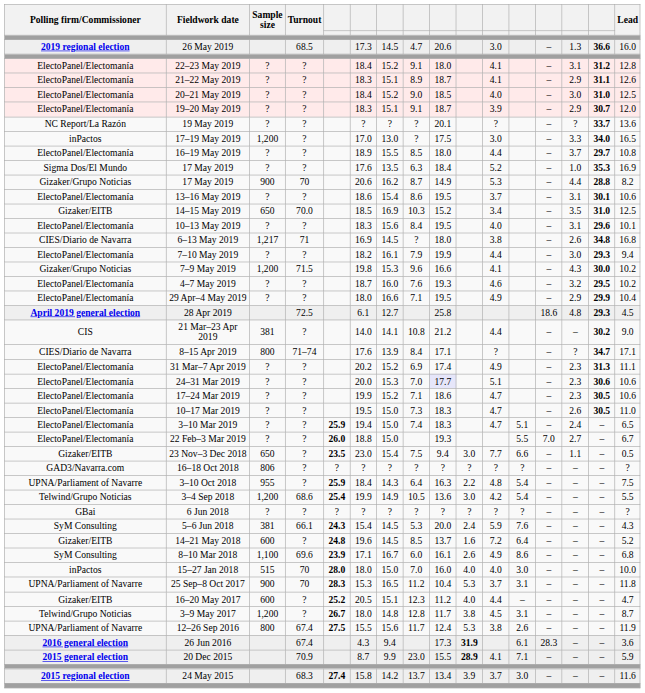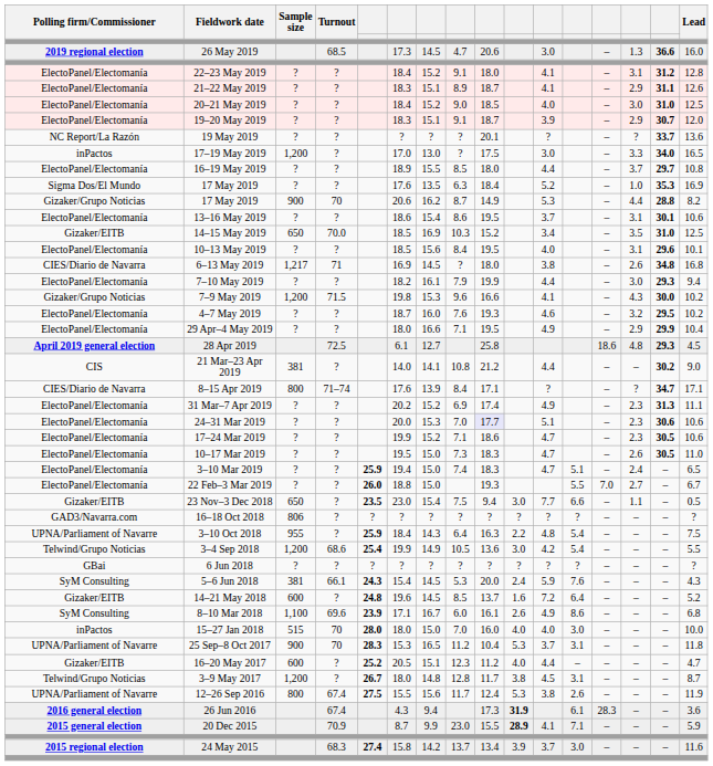 <table class="wikitable collapsible collapsed" style="text-align:center; font-size:95%; line-height:16px;">
 <tr style="height:42px;">
 <th style="width:250px;" rowspan="2">Polling firm/Commissioner</th>
 <th style="width:125px;" rowspan="2">Fieldwork date</th>
 <th style="width:50px;" rowspan="2">Sample size</th>
 <th style="width:45px;" rowspan="2">Turnout</th>
 <th style="width:35px;"></th>
 <th style="width:35px;"></th>
 <th style="width:35px;"></th>
 <th style="width:35px;"></th>
 <th style="width:35px;"></th>
 <th style="width:35px;"></th>
 <th style="width:35px;"></th>
 <th style="width:35px;"></th>
 <th style="width:35px;"></th>
 <th style="width:35px;"></th>
 <th style="width:35px;"></th>
 <th style="width:30px;" rowspan="2">Lead</th>
 </tr>
 <tr>
 <th style="color:inherit;background:"></th>
 <th style="color:inherit;background:"></th>
 <th style="color:inherit;background:"></th>
 <th style="color:inherit;background:"></th>
 <th style="color:inherit;background:"></th>
 <th style="color:inherit;background:"></th>
 <th style="color:inherit;background:"></th>
 <th style="color:inherit;background:"></th>
 <th style="color:inherit;background:"></th>
 <th style="color:inherit;background:"></th>
 <th style="color:inherit;background:"></th>
 </tr>
 <tr>
 <td colspan="16" style="background:#A0A0A0"></td>
 </tr>
 <tr style="background:#EFEFEF;">
 <td><strong><a href='#'>2019 regional election</a></strong></td>
 <td>26 May 2019</td>
 <td></td>
 <td>68.5</td>
 <td></td>
 <td>17.3<br></td>
 <td>14.5<br></td>
 <td>4.7<br></td>
 <td>20.6<br></td>
 <td></td>
 <td>3.0<br></td>
 <td></td>
 <td>–</td>
 <td>1.3<br></td>
 <td><strong>36.6</strong><br></td>
 <td style="background:">16.0</td>
 </tr>
 <tr>
 <td colspan="16" style="background:#A0A0A0"></td>
 </tr>
 <tr style="background:#FFEAEA;">
 <td>ElectoPanel/Electomanía</td>
 <td>22–23 May 2019</td>
 <td>?</td>
 <td>?</td>
 <td></td>
 <td>18.4<br></td>
 <td>15.2<br></td>
 <td>9.1<br></td>
 <td>18.0<br></td>
 <td></td>
 <td>4.1<br></td>
 <td></td>
 <td>–</td>
 <td>3.1<br></td>
 <td><strong>31.2</strong><br></td>
 <td style="background:">12.8</td>
 </tr>
 <tr style="background:#FFEAEA;">
 <td>ElectoPanel/Electomanía</td>
 <td>21–22 May 2019</td>
 <td>?</td>
 <td>?</td>
 <td></td>
 <td>18.3<br></td>
 <td>15.1<br></td>
 <td>8.9<br></td>
 <td>18.7<br></td>
 <td></td>
 <td>4.1<br></td>
 <td></td>
 <td>–</td>
 <td>2.9<br></td>
 <td><strong>31.1</strong><br></td>
 <td style="background:">12.6</td>
 </tr>
 <tr style="background:#FFEAEA;">
 <td>ElectoPanel/Electomanía</td>
 <td>20–21 May 2019</td>
 <td>?</td>
 <td>?</td>
 <td></td>
 <td>18.4<br></td>
 <td>15.2<br></td>
 <td>9.0<br></td>
 <td>18.5<br></td>
 <td></td>
 <td>4.0<br></td>
 <td></td>
 <td>–</td>
 <td>3.0<br></td>
 <td><strong>31.0</strong><br></td>
 <td style="background:">12.5</td>
 </tr>
 <tr style="background:#FFEAEA;">
 <td>ElectoPanel/Electomanía</td>
 <td>19–20 May 2019</td>
 <td>?</td>
 <td>?</td>
 <td></td>
 <td>18.3<br></td>
 <td>15.1<br></td>
 <td>9.1<br></td>
 <td>18.7<br></td>
 <td></td>
 <td>3.9<br></td>
 <td></td>
 <td>–</td>
 <td>2.9<br></td>
 <td><strong>30.7</strong><br></td>
 <td style="background:">12.0</td>
 </tr>
 <tr>
 <td>NC Report/La Razón</td>
 <td>19 May 2019</td>
 <td>?</td>
 <td>?</td>
 <td></td>
 <td>?<br></td>
 <td>?<br></td>
 <td>?<br></td>
 <td>20.1<br></td>
 <td></td>
 <td>?<br></td>
 <td></td>
 <td>–</td>
 <td>?<br></td>
 <td><strong>33.7</strong><br></td>
 <td style="background:">13.6</td>
 </tr>
 <tr>
 <td>inPactos</td>
 <td>17–19 May 2019</td>
 <td>1,200</td>
 <td>?</td>
 <td></td>
 <td>17.0<br></td>
 <td>13.0<br></td>
 <td>?<br></td>
 <td>17.5<br></td>
 <td></td>
 <td>3.0<br></td>
 <td></td>
 <td>–</td>
 <td>3.3<br></td>
 <td><strong>34.0</strong><br></td>
 <td style="background:">16.5</td>
 </tr>
 <tr>
 <td>ElectoPanel/Electomanía</td>
 <td>16–19 May 2019</td>
 <td>?</td>
 <td>?</td>
 <td></td>
 <td>18.9<br></td>
 <td>15.5<br></td>
 <td>8.5<br></td>
 <td>18.0<br></td>
 <td></td>
 <td>4.4<br></td>
 <td></td>
 <td>–</td>
 <td>3.7<br></td>
 <td><strong>29.7</strong><br></td>
 <td style="background:">10.8</td>
 </tr>
 <tr>
 <td>Sigma Dos/El Mundo</td>
 <td>17 May 2019</td>
 <td>?</td>
 <td>?</td>
 <td></td>
 <td>17.6<br></td>
 <td>13.5<br></td>
 <td>6.3<br></td>
 <td>18.4<br></td>
 <td></td>
 <td>5.2<br></td>
 <td></td>
 <td>–</td>
 <td>1.0<br></td>
 <td><strong>35.3</strong><br></td>
 <td style="background:">16.9</td>
 </tr>
 <tr>
 <td>Gizaker/Grupo Noticias</td>
 <td>17 May 2019</td>
 <td>900</td>
 <td>70</td>
 <td></td>
 <td>20.6<br></td>
 <td>16.2<br></td>
 <td>8.7<br></td>
 <td>14.9<br></td>
 <td></td>
 <td>5.3<br></td>
 <td></td>
 <td>–</td>
 <td>4.4<br></td>
 <td><strong>28.8</strong><br></td>
 <td style="background:">8.2</td>
 </tr>
 <tr>
 <td>ElectoPanel/Electomanía</td>
 <td>13–16 May 2019</td>
 <td>?</td>
 <td>?</td>
 <td></td>
 <td>18.6<br></td>
 <td>15.4<br></td>
 <td>8.6<br></td>
 <td>19.5<br></td>
 <td></td>
 <td>3.7<br></td>
 <td></td>
 <td>–</td>
 <td>3.1<br></td>
 <td><strong>30.1</strong><br></td>
 <td style="background:">10.6</td>
 </tr>
 <tr>
 <td>Gizaker/EITB</td>
 <td>14–15 May 2019</td>
 <td>650</td>
 <td>70.0</td>
 <td></td>
 <td>18.5<br></td>
 <td>16.9<br></td>
 <td>10.3<br></td>
 <td>15.2<br></td>
 <td></td>
 <td>3.4<br></td>
 <td></td>
 <td>–</td>
 <td>3.5<br></td>
 <td><strong>31.0</strong><br></td>
 <td style="background:">12.5</td>
 </tr>
 <tr>
 <td>ElectoPanel/Electomanía</td>
 <td>10–13 May 2019</td>
 <td>?</td>
 <td>?</td>
 <td></td>
-<td>18.3<br></td>
+<td>18.5<br></td>
 <td>15.6<br></td>
 <td>8.4<br></td>
 <td>19.5<br></td>
 <td></td>
 <td>4.0<br></td>
 <td></td>
 <td>–</td>
 <td>3.1<br></td>
 <td><strong>29.6</strong><br></td>
 <td style="background:">10.1</td>
 </tr>
 <tr>
 <td>CIES/Diario de Navarra</td>
 <td>6–13 May 2019</td>
 <td>1,217</td>
 <td>71</td>
 <td></td>
 <td>16.9<br></td>
 <td>14.5<br></td>
 <td>?<br></td>
 <td>18.0<br></td>
 <td></td>
 <td>3.8<br></td>
 <td></td>
 <td>–</td>
 <td>2.6<br></td>
 <td><strong>34.8</strong><br></td>
 <td style="background:">16.8</td>
 </tr>
 <tr>
 <td>ElectoPanel/Electomanía</td>
 <td>7–10 May 2019</td>
 <td>?</td>
 <td>?</td>
 <td></td>
 <td>18.2<br></td>
 <td>16.1<br></td>
 <td>7.9<br></td>
 <td>19.9<br></td>
 <td></td>
 <td>4.4<br></td>
 <td></td>
 <td>–</td>
 <td>3.0<br></td>
 <td><strong>29.3</strong><br></td>
 <td style="background:">9.4</td>
 </tr>
 <tr>
 <td>Gizaker/Grupo Noticias</td>
 <td>7–9 May 2019</td>
 <td>1,200</td>
 <td>71.5</td>
 <td></td>
 <td>19.8<br></td>
 <td>15.3<br></td>
 <td>9.6<br></td>
 <td>16.6<br></td>
 <td></td>
 <td>4.1<br></td>
 <td></td>
 <td>–</td>
 <td>4.3<br></td>
 <td><strong>30.0</strong><br></td>
 <td style="background:">10.2</td>
 </tr>
 <tr>
 <td>ElectoPanel/Electomanía</td>
 <td>4–7 May 2019</td>
 <td>?</td>
 <td>?</td>
 <td></td>
 <td>18.7<br></td>
 <td>16.0<br></td>
 <td>7.6<br></td>
 <td>19.3<br></td>
 <td></td>
 <td>4.6<br></td>
 <td></td>
 <td>–</td>
 <td>3.2<br></td>
 <td><strong>29.5</strong><br></td>
 <td style="background:">10.2</td>
 </tr>
 <tr>
 <td>ElectoPanel/Electomanía</td>
 <td>29 Apr–4 May 2019</td>
 <td>?</td>
 <td>?</td>
 <td></td>
 <td>18.0<br></td>
 <td>16.6<br></td>
 <td>7.1<br></td>
 <td>19.5<br></td>
 <td></td>
 <td>4.9<br></td>
 <td></td>
 <td>–</td>
 <td>2.9<br></td>
 <td><strong>29.9</strong><br></td>
 <td style="background:">10.4</td>
 </tr>
 <tr style="background:#EFEFEF;">
 <td><strong><a href='#'>April 2019 general election</a></strong></td>
 <td>28 Apr 2019</td>
 <td></td>
 <td>72.5</td>
 <td></td>
 <td>6.1<br></td>
 <td>12.7<br></td>
 <td></td>
 <td>25.8<br></td>
 <td></td>
 <td></td>
 <td></td>
 <td>18.6<br></td>
 <td>4.8<br></td>
 <td><strong>29.3</strong><br></td>
 <td style="background:">4.5</td>
 </tr>
 <tr>
 <td>CIS</td>
 <td>21 Mar–23 Apr 2019</td>
 <td>381</td>
 <td>?</td>
 <td></td>
 <td>14.0<br></td>
 <td>14.1<br></td>
 <td>10.8<br></td>
 <td>21.2<br></td>
 <td></td>
 <td>4.4<br></td>
 <td></td>
 <td>–</td>
 <td>–</td>
 <td><strong>30.2</strong><br></td>
 <td style="background:">9.0</td>
 </tr>
 <tr>
 <td>CIES/Diario de Navarra</td>
 <td>8–15 Apr 2019</td>
 <td>800</td>
 <td>71–74</td>
 <td></td>
 <td>17.6<br></td>
 <td>13.9<br></td>
 <td>8.4<br></td>
 <td>17.1<br></td>
 <td></td>
 <td>?<br></td>
 <td></td>
 <td>–</td>
 <td>?<br></td>
 <td><strong>34.7</strong><br></td>
 <td style="background:">17.1</td>
 </tr>
 <tr>
 <td>ElectoPanel/Electomanía</td>
 <td>31 Mar–7 Apr 2019</td>
 <td>?</td>
 <td>?</td>
 <td></td>
 <td>20.2<br></td>
 <td>15.2<br></td>
 <td>6.9<br></td>
 <td>17.4<br></td>
 <td></td>
 <td>4.9<br></td>
 <td></td>
 <td>–</td>
 <td>2.3<br></td>
 <td><strong>31.3</strong><br></td>
 <td style="background:">11.1</td>
 </tr>
 <tr>
 <td>ElectoPanel/Electomanía</td>
 <td>24–31 Mar 2019</td>
 <td>?</td>
 <td>?</td>
 <td></td>
 <td>20.0<br></td>
 <td>15.3<br></td>
 <td>7.0<br></td>
 <td style="background: lavender;">17.7<br></td>
 <td></td>
 <td>5.1<br></td>
 <td></td>
 <td>–</td>
 <td>2.3<br></td>
 <td><strong>30.6</strong><br></td>
 <td style="background:">10.6</td>
 </tr>
 <tr>
 <td>ElectoPanel/Electomanía</td>
 <td>17–24 Mar 2019</td>
 <td>?</td>
 <td>?</td>
 <td></td>
 <td>19.9<br></td>
 <td>15.2<br></td>
 <td>7.1<br></td>
 <td>18.6<br></td>
 <td></td>
 <td>4.7<br></td>
 <td></td>
 <td>–</td>
 <td>2.3<br></td>
 <td><strong>30.5</strong><br></td>
 <td style="background:">10.6</td>
 </tr>
 <tr>
 <td>ElectoPanel/Electomanía</td>
 <td>10–17 Mar 2019</td>
 <td>?</td>
 <td>?</td>
 <td></td>
 <td>19.5<br></td>
 <td>15.0<br></td>
 <td>7.3<br></td>
 <td>18.3<br></td>
 <td></td>
 <td>4.7<br></td>
 <td></td>
 <td>–</td>
 <td>2.6<br></td>
 <td><strong>30.5</strong><br></td>
 <td style="background:">11.0</td>
 </tr>
 <tr>
 <td>ElectoPanel/Electomanía</td>
 <td>3–10 Mar 2019</td>
 <td>?</td>
 <td>?</td>
 <td><strong>25.9</strong><br></td>
 <td>19.4<br></td>
 <td>15.0<br></td>
 <td>7.4<br></td>
 <td>18.3<br></td>
 <td></td>
 <td>4.7<br></td>
 <td>5.1<br></td>
 <td>–</td>
 <td>2.4<br></td>
 <td>–</td>
 <td style="background:">6.5</td>
 </tr>
 <tr>
 <td>ElectoPanel/Electomanía</td>
 <td>22 Feb–3 Mar 2019</td>
 <td>?</td>
 <td>?</td>
 <td><strong>26.0</strong><br></td>
 <td>18.8<br></td>
 <td>15.0<br></td>
 <td></td>
 <td>19.3<br></td>
 <td></td>
 <td></td>
 <td>5.5<br></td>
 <td>7.0<br></td>
 <td>2.7<br></td>
 <td>–</td>
 <td style="background:">6.7</td>
 </tr>
 <tr>
 <td>Gizaker/EITB</td>
 <td>23 Nov–3 Dec 2018</td>
 <td>650</td>
 <td>?</td>
 <td><strong>23.5</strong><br></td>
 <td>23.0<br></td>
 <td>15.4<br></td>
 <td>7.5<br></td>
 <td>9.4<br></td>
 <td>3.0<br></td>
 <td>7.7<br></td>
 <td>6.6<br></td>
 <td>–</td>
 <td>1.1<br></td>
 <td>–</td>
 <td style="background:">0.5</td>
 </tr>
 <tr>
 <td>GAD3/Navarra.com</td>
 <td>16–18 Oct 2018</td>
 <td>806</td>
 <td>?</td>
 <td>?<br></td>
 <td>?<br></td>
 <td>?<br></td>
 <td>?<br></td>
 <td>?<br></td>
 <td>?<br></td>
 <td>?<br></td>
 <td>?<br></td>
 <td>–</td>
 <td>–</td>
 <td>–</td>
 <td style="background:">?</td>
 </tr>
 <tr>
 <td>UPNA/Parliament of Navarre</td>
 <td>3–10 Oct 2018</td>
 <td>955</td>
 <td>?</td>
 <td><strong>25.9</strong><br></td>
 <td>18.4<br></td>
 <td>14.3<br></td>
 <td>6.4<br></td>
 <td>16.3<br></td>
 <td>2.2<br></td>
 <td>4.8<br></td>
 <td>5.4<br></td>
 <td>–</td>
 <td>–</td>
 <td>–</td>
 <td style="background:">7.5</td>
 </tr>
 <tr>
 <td>Telwind/Grupo Noticias</td>
 <td>3–4 Sep 2018</td>
 <td>1,200</td>
 <td>68.6</td>
 <td><strong>25.4</strong><br></td>
 <td>19.9<br></td>
 <td>14.9<br></td>
 <td>10.5<br></td>
 <td>13.6<br></td>
 <td>3.0<br></td>
 <td>4.2<br></td>
 <td>5.4<br></td>
 <td>–</td>
 <td>–</td>
 <td>–</td>
 <td style="background:">5.5</td>
 </tr>
 <tr>
 <td>GBai</td>
 <td>6 Jun 2018</td>
 <td>?</td>
 <td>?</td>
 <td>?<br></td>
 <td>?<br></td>
 <td>?<br></td>
 <td>?<br></td>
 <td>?<br></td>
 <td>?<br></td>
 <td>?<br></td>
 <td>?<br></td>
 <td>–</td>
 <td>–</td>
 <td>–</td>
 <td style="background:">?</td>
 </tr>
 <tr>
 <td>SyM Consulting</td>
 <td>5–6 Jun 2018</td>
 <td>381</td>
 <td>66.1</td>
 <td><strong>24.3</strong><br></td>
 <td>15.4<br></td>
 <td>14.5<br></td>
 <td>5.3<br></td>
 <td>20.0<br></td>
 <td>2.4<br></td>
 <td>5.9<br></td>
 <td>7.6<br></td>
 <td>–</td>
 <td>–</td>
 <td>–</td>
 <td style="background:">4.3</td>
 </tr>
 <tr>
 <td>Gizaker/EITB</td>
 <td>14–21 May 2018</td>
 <td>600</td>
 <td>?</td>
 <td><strong>24.8</strong><br></td>
 <td>19.6<br></td>
 <td>14.5<br></td>
 <td>8.5<br></td>
 <td>13.7<br></td>
 <td>1.6<br></td>
 <td>7.2<br></td>
 <td>6.4<br></td>
 <td>–</td>
 <td>–</td>
 <td>–</td>
 <td style="background:">5.2</td>
 </tr>
 <tr>
 <td>SyM Consulting</td>
 <td>8–10 Mar 2018</td>
 <td>1,100</td>
 <td>69.6</td>
 <td><strong>23.9</strong><br></td>
 <td>17.1<br></td>
 <td>16.7<br></td>
 <td>6.0<br></td>
 <td>16.1<br></td>
 <td>2.6<br></td>
 <td>4.9<br></td>
 <td>8.6<br></td>
 <td>–</td>
 <td>–</td>
 <td>–</td>
 <td style="background:">6.8</td>
 </tr>
 <tr>
 <td>inPactos</td>
 <td>15–27 Jan 2018</td>
 <td>515</td>
 <td>70</td>
 <td><strong>28.0</strong><br></td>
 <td>18.0<br></td>
 <td>15.0<br></td>
 <td>7.0<br></td>
 <td>16.0<br></td>
 <td>4.0<br></td>
 <td>4.0<br></td>
 <td>3.0<br></td>
 <td>–</td>
 <td>–</td>
 <td>–</td>
 <td style="background:">10.0</td>
 </tr>
 <tr>
 <td>UPNA/Parliament of Navarre</td>
 <td>25 Sep–8 Oct 2017</td>
 <td>900</td>
 <td>70</td>
 <td><strong>28.3</strong><br></td>
 <td>15.3<br></td>
 <td>16.5<br></td>
 <td>11.2<br></td>
 <td>10.4<br></td>
 <td>5.3<br></td>
 <td>3.7<br></td>
 <td>3.1<br></td>
 <td>–</td>
 <td>–</td>
 <td>–</td>
 <td style="background:">11.8</td>
 </tr>
 <tr>
 <td>Gizaker/EITB</td>
 <td>16–20 May 2017</td>
 <td>600</td>
 <td>?</td>
 <td><strong>25.2</strong><br></td>
 <td>20.5<br></td>
 <td>15.1<br></td>
 <td>12.3<br></td>
 <td>11.2<br></td>
 <td>4.0<br></td>
 <td>4.4<br></td>
 <td>–</td>
 <td>–</td>
 <td>–</td>
 <td>–</td>
 <td style="background:">4.7</td>
 </tr>
 <tr>
 <td>Telwind/Grupo Noticias</td>
 <td>3–9 May 2017</td>
 <td>1,200</td>
 <td>?</td>
 <td><strong>26.7</strong><br></td>
 <td>18.0<br></td>
 <td>14.8<br></td>
 <td>12.8<br></td>
 <td>11.7<br></td>
 <td>3.8<br></td>
 <td>4.5<br></td>
 <td>3.1<br></td>
 <td>–</td>
 <td>–</td>
 <td>–</td>
 <td style="background:">8.7</td>
 </tr>
 <tr>
 <td>UPNA/Parliament of Navarre</td>
 <td>12–26 Sep 2016</td>
 <td>800</td>
 <td>67.4</td>
 <td><strong>27.5</strong><br></td>
 <td>15.5<br></td>
 <td>15.6<br></td>
 <td>11.7<br></td>
 <td>12.4<br></td>
 <td>5.3<br></td>
 <td>3.8<br></td>
 <td>2.6<br></td>
 <td>–</td>
 <td>–</td>
 <td>–</td>
 <td style="background:">11.9</td>
 </tr>
 <tr style="background:#EFEFEF;">
 <td><strong><a href='#'>2016 general election</a></strong></td>
 <td>26 Jun 2016</td>
 <td></td>
 <td>67.4</td>
 <td></td>
 <td>4.3<br></td>
 <td>9.4<br></td>
 <td></td>
 <td>17.3<br></td>
 <td><strong>31.9</strong><br></td>
 <td></td>
 <td>6.1<br></td>
 <td>28.3<br></td>
 <td>–</td>
 <td>–</td>
 <td style="background:">3.6</td>
 </tr>
 <tr style="background:#EFEFEF;">
 <td><strong><a href='#'>2015 general election</a></strong></td>
 <td>20 Dec 2015</td>
 <td></td>
 <td>70.9</td>
 <td></td>
 <td>8.7<br></td>
 <td>9.9<br></td>
 <td>23.0<br></td>
 <td>15.5<br></td>
 <td><strong>28.9</strong><br></td>
 <td>4.1<br></td>
 <td>7.1<br></td>
 <td>–</td>
 <td>–</td>
 <td>–</td>
 <td style="background:">5.9</td>
 </tr>
 <tr>
 <td colspan="16" style="background:#A0A0A0"></td>
 </tr>
 <tr style="background:#EFEFEF;">
 <td><strong><a href='#'>2015 regional election</a></strong></td>
 <td>24 May 2015</td>
 <td></td>
 <td>68.3</td>
 <td><strong>27.4</strong><br></td>
 <td>15.8<br></td>
 <td>14.2<br></td>
 <td>13.7<br></td>
 <td>13.4<br></td>
 <td>3.9<br></td>
 <td>3.7<br></td>
 <td>3.0<br></td>
 <td>–</td>
 <td>–</td>
 <td>–</td>
 <td style="background:">11.6</td>
 </tr>
 <tr>
 <td colspan="16" style="background:#A0A0A0"></td>
 </tr>
 </table>
